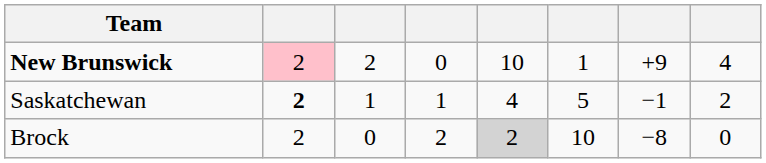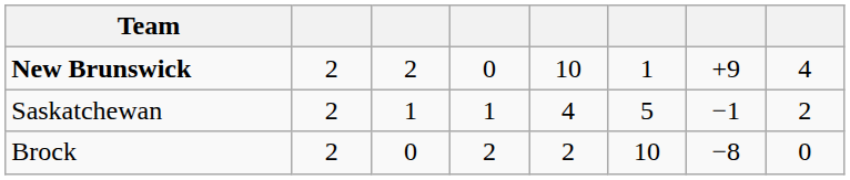 <table class="wikitable" style="text-align:center;">
 <tr>
 <th width=165>Team</th>
 <th width=40></th>
 <th width=40></th>
 <th width=40></th>
 <th width=40></th>
 <th width=40></th>
 <th width=40></th>
 <th width=40></th>
 </tr>
 <tr>
 <td style="text-align:left;"><strong>New Brunswick</strong></td>
-<td style="background: pink;">2</td>
+<td>2</td>
 <td>2</td>
 <td>0</td>
 <td>10</td>
 <td>1</td>
 <td>+9</td>
 <td>4</td>
 </tr>
 <tr>
 <td style="text-align:left;">Saskatchewan</td>
-<td><strong>2</strong></td>
+<td>2</td>
 <td>1</td>
 <td>1</td>
 <td>4</td>
 <td>5</td>
 <td>−1</td>
 <td>2</td>
 </tr>
 <tr>
 <td style="text-align:left;">Brock</td>
 <td>2</td>
 <td>0</td>
 <td>2</td>
-<td style="background: lightgrey;">2</td>
+<td>2</td>
 <td>10</td>
 <td>−8</td>
 <td>0</td>
 </tr>
 </table>
